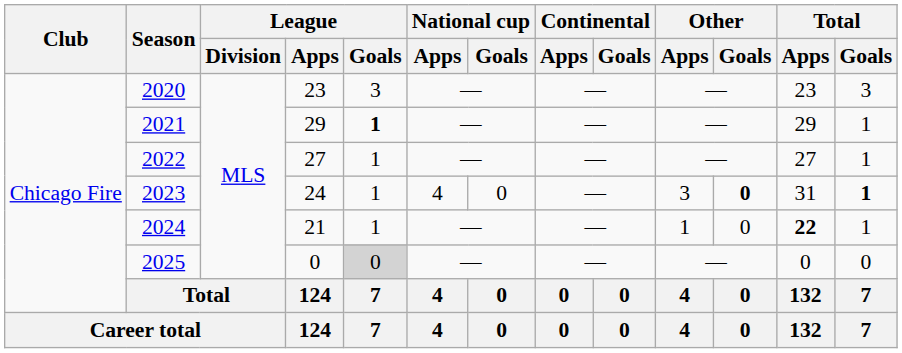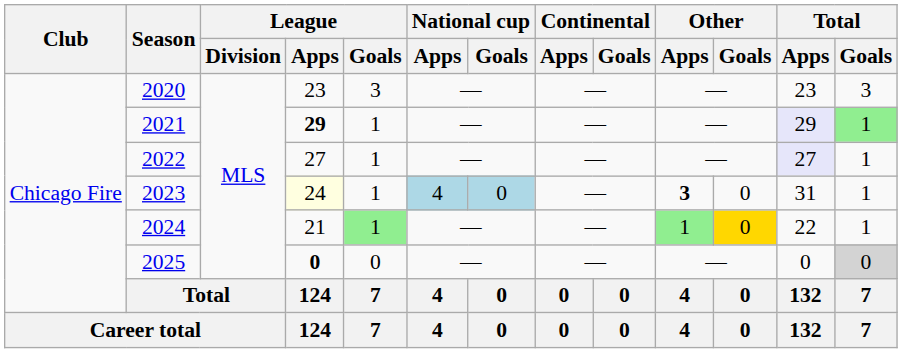 <table class="wikitable" style="text-align: center;">
 <tr>
 <th rowspan="2">Club</th>
 <th rowspan="2">Season</th>
 <th colspan="3">League</th>
 <th colspan="2">National cup</th>
 <th colspan="2">Continental</th>
 <th colspan="2">Other</th>
 <th colspan="2">Total</th>
 </tr>
 <tr>
 <th>Division</th>
 <th>Apps</th>
 <th>Goals</th>
 <th>Apps</th>
 <th>Goals</th>
 <th>Apps</th>
 <th>Goals</th>
 <th>Apps</th>
 <th>Goals</th>
 <th>Apps</th>
 <th>Goals</th>
 </tr>
 <tr>
 <td rowspan="7"><a href='#'>Chicago Fire</a></td>
 <td><a href='#'>2020</a></td>
 <td rowspan="6"><a href='#'>MLS</a></td>
 <td>23</td>
 <td>3</td>
 <td colspan=2>—</td>
 <td colspan=2>—</td>
 <td colspan=2>—</td>
 <td>23</td>
 <td>3</td>
 </tr>
 <tr>
 <td><a href='#'>2021</a></td>
-<td>29</td>
-<td><strong>1</strong></td>
+<td><strong>29</strong></td>
+<td>1</td>
 <td colspan=2>—</td>
 <td colspan=2>—</td>
 <td colspan=2>—</td>
-<td>29</td>
-<td>1</td>
+<td style="background: lavender;">29</td>
+<td style="background: lightgreen;">1</td>
 </tr>
 <tr>
 <td><a href='#'>2022</a></td>
 <td>27</td>
 <td>1</td>
 <td colspan=2>—</td>
 <td colspan=2>—</td>
 <td colspan=2>—</td>
-<td>27</td>
+<td style="background: lavender;">27</td>
 <td>1</td>
 </tr>
 <tr>
 <td><a href='#'>2023</a></td>
-<td>24</td>
+<td style="background: lightyellow;">24</td>
 <td>1</td>
-<td>4</td>
+<td style="background: lightblue;">4</td>
+<td style="background: lightblue;">0</td>
+<td colspan=2>—</td>
+<td><strong>3</strong></td>
 <td>0</td>
-<td colspan=2>—</td>
-<td>3</td>
-<td><strong>0</strong></td>
 <td>31</td>
-<td><strong>1</strong></td>
+<td>1</td>
 </tr>
 <tr>
 <td><a href='#'>2024</a></td>
 <td>21</td>
-<td>1</td>
+<td style="background: lightgreen;">1</td>
 <td colspan=2>—</td>
 <td colspan=2>—</td>
-<td>1</td>
-<td>0</td>
-<td><strong>22</strong></td>
+<td style="background: lightgreen;">1</td>
+<td style="background: gold;">0</td>
+<td>22</td>
 <td>1</td>
 </tr>
 <tr>
 <td><a href='#'>2025</a></td>
+<td><strong>0</strong></td>
 <td>0</td>
-<td style="background: lightgrey;">0</td>
 <td colspan=2>—</td>
 <td colspan=2>—</td>
 <td colspan=2>—</td>
 <td>0</td>
-<td>0</td>
+<td style="background: lightgrey;">0</td>
 </tr>
 <tr>
 <th colspan=2>Total</th>
 <th>124</th>
 <th>7</th>
 <th>4</th>
 <th>0</th>
 <th>0</th>
 <th>0</th>
 <th>4</th>
 <th>0</th>
 <th>132</th>
 <th>7</th>
 </tr>
 <tr>
 <th colspan=3>Career total</th>
 <th>124</th>
 <th>7</th>
 <th>4</th>
 <th>0</th>
 <th>0</th>
 <th>0</th>
 <th>4</th>
 <th>0</th>
 <th>132</th>
 <th>7</th>
 </tr>
 </table>
